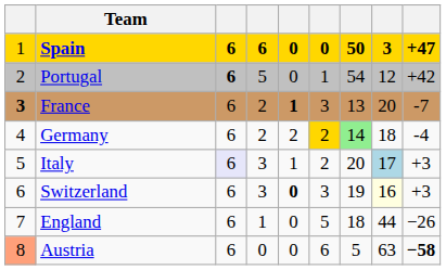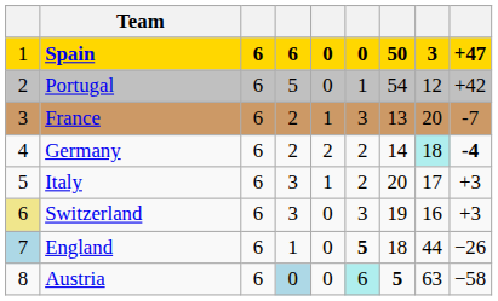 <table class="wikitable" style="text-align:center;">
 <tr>
 <th width=20></th>
 <th width=150>Team</th>
 <th width=20></th>
 <th width=20></th>
 <th width=20></th>
 <th width=20></th>
 <th width=20></th>
 <th width=20></th>
 <th width=20></th>
 </tr>
 <tr bgcolor="gold">
 <td>1</td>
 <td align="left"> <strong><a href='#'>Spain</a></strong></td>
 <td><strong>6</strong></td>
 <td><strong>6</strong></td>
 <td><strong>0</strong></td>
 <td><strong>0</strong></td>
 <td><strong>50</strong></td>
 <td><strong>3</strong></td>
 <td><strong>+47</strong></td>
 </tr>
 <tr bgcolor="silver">
 <td>2</td>
 <td align="left"> <a href='#'>Portugal</a></td>
-<td><strong>6</strong></td>
+<td>6</td>
 <td>5</td>
 <td>0</td>
 <td>1</td>
 <td>54</td>
 <td>12</td>
 <td>+42</td>
 </tr>
 <tr bgcolor="#cc9966">
-<td><strong>3</strong></td>
+<td>3</td>
 <td align="left"> <a href='#'>France</a></td>
 <td>6</td>
 <td>2</td>
-<td><strong>1</strong></td>
+<td>1</td>
 <td>3</td>
 <td>13</td>
 <td>20</td>
 <td>-7</td>
 </tr>
 <tr>
 <td>4</td>
 <td align="left"> <a href='#'>Germany</a></td>
 <td>6</td>
 <td>2</td>
 <td>2</td>
-<td style="background: gold;">2</td>
-<td style="background: lightgreen;">14</td>
-<td>18</td>
-<td>-4</td>
+<td>2</td>
+<td>14</td>
+<td style="background: paleturquoise;">18</td>
+<td><strong>-4</strong></td>
 </tr>
 <tr>
 <td>5</td>
 <td align="left"> <a href='#'>Italy</a></td>
-<td style="background: lavender;">6</td>
+<td>6</td>
 <td>3</td>
 <td>1</td>
 <td>2</td>
 <td>20</td>
-<td style="background: lightblue;">17</td>
+<td>17</td>
 <td>+3</td>
 </tr>
 <tr>
-<td>6</td>
+<td style="background: khaki;">6</td>
 <td align="left"> <a href='#'>Switzerland</a></td>
 <td>6</td>
 <td>3</td>
-<td><strong>0</strong></td>
+<td>0</td>
 <td>3</td>
 <td>19</td>
-<td style="background: lightyellow;">16</td>
+<td>16</td>
 <td>+3</td>
 </tr>
 <tr>
-<td>7</td>
+<td style="background: lightblue;">7</td>
 <td align="left"> <a href='#'>England</a></td>
 <td>6</td>
 <td>1</td>
 <td>0</td>
-<td>5</td>
+<td><strong>5</strong></td>
 <td>18</td>
 <td>44</td>
 <td>−26</td>
 </tr>
 <tr>
-<td style="background: lightsalmon;">8</td>
+<td>8</td>
 <td align="left"> <a href='#'>Austria</a></td>
 <td>6</td>
+<td style="background: lightblue;">0</td>
 <td>0</td>
-<td>0</td>
-<td>6</td>
-<td>5</td>
+<td style="background: paleturquoise;">6</td>
+<td><strong>5</strong></td>
 <td>63</td>
-<td><strong>−58</strong></td>
+<td>−58</td>
 </tr>
 </table>
